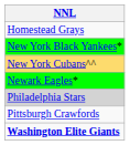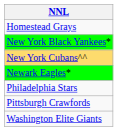 <table class="wikitable" style="font-size:100%;line-height:1.1;">
 <tr>
 <th><a href='#'>NNL</a></th>
 </tr>
 <tr>
 <td><a href='#'>Homestead Grays</a></td>
 </tr>
 <tr>
 <td style="background-color: #00FF00;"><a href='#'>New York Black Yankees</a>*</td>
 </tr>
 <tr>
 <td style="background-color: #FDDB6D;"><a href='#'>New York Cubans</a>^^</td>
 </tr>
 <tr>
 <td style="background-color: #00FF00;"><a href='#'>Newark Eagles</a>*</td>
 </tr>
 <tr>
-<td style="background: lightgrey;"><a href='#'>Philadelphia Stars</a></td>
+<td><a href='#'>Philadelphia Stars</a></td>
 </tr>
 <tr>
 <td><a href='#'>Pittsburgh Crawfords</a></td>
 </tr>
 <tr>
-<td><strong><a href='#'>Washington Elite Giants</a></strong></td>
+<td><a href='#'>Washington Elite Giants</a></td>
 </tr>
 </table>
